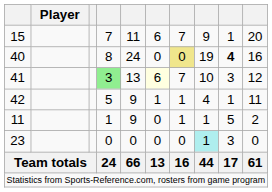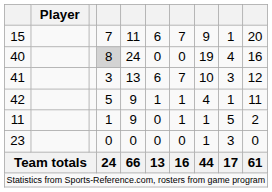 <table class="wikitable sortable" style="text-align:center; font-size:100%">
 <tr>
 <th></th>
 <th>Player</th>
 <th></th>
 <th></th>
 <th></th>
 <th></th>
 <th></th>
 <th></th>
 <th></th>
 <th></th>
 </tr>
 <tr>
 <td>15</td>
 <td></td>
 <td></td>
 <td>7</td>
 <td>11</td>
 <td>6</td>
 <td>7</td>
 <td>9</td>
 <td>1</td>
 <td>20</td>
 </tr>
 <tr>
 <td>40</td>
 <td></td>
 <td></td>
-<td>8</td>
+<td style="background: lightgrey;">8</td>
 <td>24</td>
 <td>0</td>
-<td style="background: khaki;">0</td>
+<td>0</td>
 <td>19</td>
-<td><strong>4</strong></td>
+<td>4</td>
 <td>16</td>
 </tr>
 <tr>
 <td>41</td>
 <td></td>
 <td></td>
-<td style="background: lightgreen;">3</td>
+<td>3</td>
 <td>13</td>
-<td style="background: lightyellow;">6</td>
+<td>6</td>
 <td>7</td>
 <td>10</td>
 <td>3</td>
 <td>12</td>
 </tr>
 <tr>
 <td>42</td>
 <td></td>
 <td></td>
 <td>5</td>
 <td>9</td>
 <td>1</td>
 <td>1</td>
 <td>4</td>
 <td>1</td>
 <td>11</td>
 </tr>
 <tr>
 <td>11</td>
 <td></td>
 <td></td>
 <td>1</td>
 <td>9</td>
 <td>0</td>
 <td>1</td>
 <td>1</td>
 <td>5</td>
 <td>2</td>
 </tr>
 <tr>
 <td>23</td>
 <td></td>
 <td></td>
 <td>0</td>
 <td>0</td>
 <td>0</td>
 <td>0</td>
-<td style="background: paleturquoise;">1</td>
+<td>1</td>
 <td>3</td>
 <td>0</td>
 </tr>
 <tr class="sortbottom">
 <th style="text-align:center;" colspan="3">Team totals</th>
 <th>24</th>
 <th>66</th>
 <th>13</th>
 <th>16</th>
 <th>44</th>
 <th>17</th>
 <th>61</th>
 </tr>
 <tr class="sortbottom">
 <td colspan="18" style="font-size: 8pt; text-align:center">Statistics from Sports-Reference.com, rosters from game program</td>
 </tr>
 </table>
